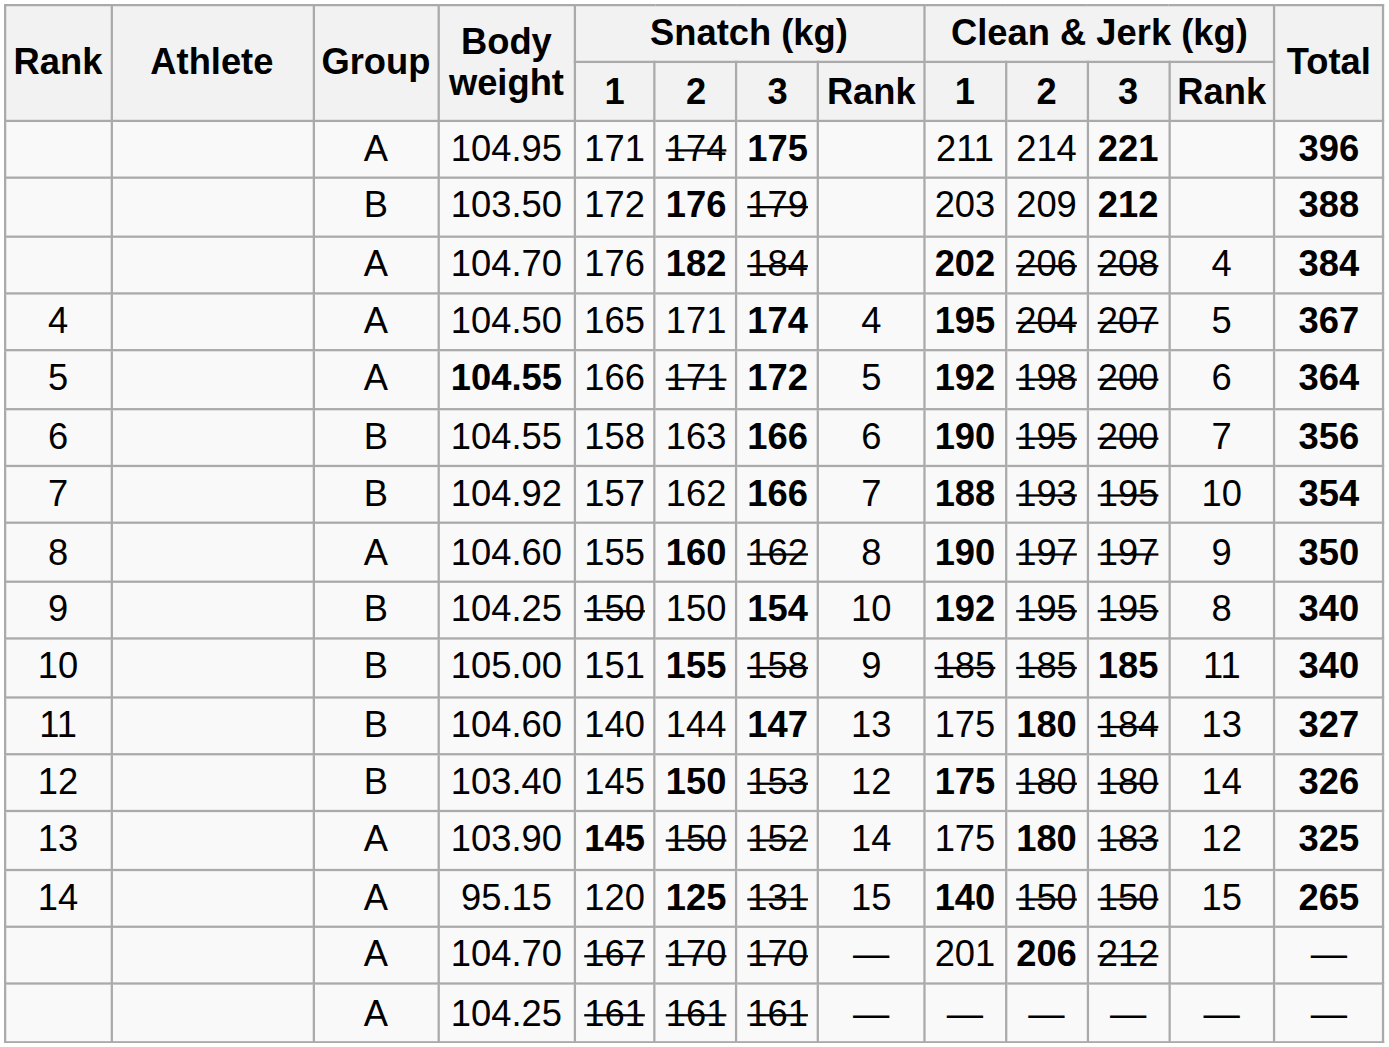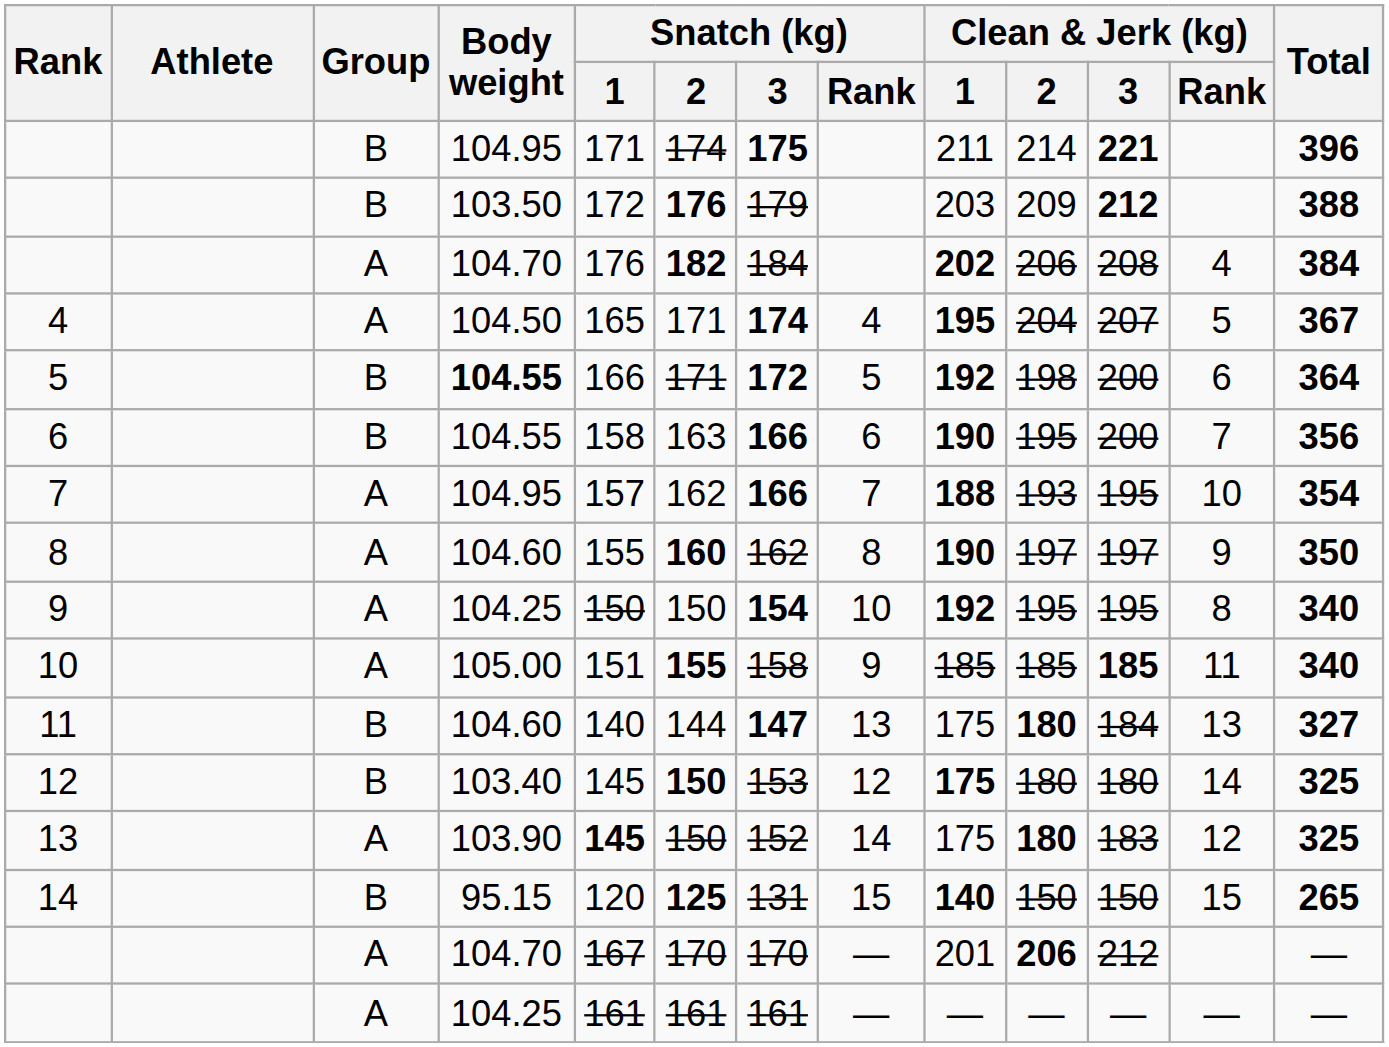 <table class = "wikitable" style="text-align:center;">
 <tr>
 <th rowspan=2 width=40>Rank</th>
 <th rowspan=2 width=250>Athlete</th>
 <th rowspan=2 width=50>Group</th>
 <th rowspan=2 width=60>Body weight</th>
 <th colspan=4>Snatch (kg)</th>
 <th colspan=4>Clean & Jerk (kg)</th>
 <th rowspan=2 width=60>Total</th>
 </tr>
 <tr>
 <th width=40>1</th>
 <th width=40>2</th>
 <th width=40>3</th>
 <th width=40>Rank</th>
 <th width=40>1</th>
 <th width=40>2</th>
 <th width=40>3</th>
 <th width=40>Rank</th>
 </tr>
 <tr>
 <td></td>
 <td align=left></td>
-<td>A</td>
+<td>B</td>
 <td>104.95</td>
 <td>171</td>
 <td><s>174</s></td>
 <td><strong>175</strong></td>
 <td></td>
 <td>211</td>
 <td>214</td>
 <td><strong>221</strong></td>
 <td></td>
 <td><strong>396</strong></td>
 </tr>
 <tr>
 <td></td>
 <td align=left></td>
 <td>B</td>
 <td>103.50</td>
 <td>172</td>
 <td><strong>176</strong></td>
 <td><s>179</s></td>
 <td></td>
 <td>203</td>
 <td>209</td>
 <td><strong>212</strong></td>
 <td></td>
 <td><strong>388</strong></td>
 </tr>
 <tr>
 <td></td>
 <td align=left></td>
 <td>A</td>
 <td>104.70</td>
 <td>176</td>
 <td><strong>182</strong></td>
 <td><s>184</s></td>
 <td></td>
 <td><strong>202</strong></td>
 <td><s>206</s></td>
 <td><s>208</s></td>
 <td>4</td>
 <td><strong>384</strong></td>
 </tr>
 <tr>
 <td>4</td>
 <td align=left></td>
 <td>A</td>
 <td>104.50</td>
 <td>165</td>
 <td>171</td>
 <td><strong>174</strong></td>
 <td>4</td>
 <td><strong>195</strong></td>
 <td><s>204</s></td>
 <td><s>207</s></td>
 <td>5</td>
 <td><strong>367</strong></td>
 </tr>
 <tr>
 <td>5</td>
 <td align=left></td>
-<td>A</td>
+<td>B</td>
 <td><strong>104.55</strong></td>
 <td>166</td>
 <td><s>171</s></td>
 <td><strong>172</strong></td>
 <td>5</td>
 <td><strong>192</strong></td>
 <td><s>198</s></td>
 <td><s>200</s></td>
 <td>6</td>
 <td><strong>364</strong></td>
 </tr>
 <tr>
 <td>6</td>
 <td align=left></td>
 <td>B</td>
 <td>104.55</td>
 <td>158</td>
 <td>163</td>
 <td><strong>166</strong></td>
 <td>6</td>
 <td><strong>190</strong></td>
 <td><s>195</s></td>
 <td><s>200</s></td>
 <td>7</td>
 <td><strong>356</strong></td>
 </tr>
 <tr>
 <td>7</td>
 <td align=left></td>
-<td>B</td>
-<td>104.92</td>
+<td>A</td>
+<td>104.95</td>
 <td>157</td>
 <td>162</td>
 <td><strong>166</strong></td>
 <td>7</td>
 <td><strong>188</strong></td>
 <td><s>193</s></td>
 <td><s>195</s></td>
 <td>10</td>
 <td><strong>354</strong></td>
 </tr>
 <tr>
 <td>8</td>
 <td align=left></td>
 <td>A</td>
 <td>104.60</td>
 <td>155</td>
 <td><strong>160</strong></td>
 <td><s>162</s></td>
 <td>8</td>
 <td><strong>190</strong></td>
 <td><s>197</s></td>
 <td><s>197</s></td>
 <td>9</td>
 <td><strong>350</strong></td>
 </tr>
 <tr>
 <td>9</td>
 <td align=left></td>
-<td>B</td>
+<td>A</td>
 <td>104.25</td>
 <td><s>150</s></td>
 <td>150</td>
 <td><strong>154</strong></td>
 <td>10</td>
 <td><strong>192</strong></td>
 <td><s>195</s></td>
 <td><s>195</s></td>
 <td>8</td>
 <td><strong>340</strong></td>
 </tr>
 <tr>
 <td>10</td>
 <td align=left></td>
-<td>B</td>
+<td>A</td>
 <td>105.00</td>
 <td>151</td>
 <td><strong>155</strong></td>
 <td><s>158</s></td>
 <td>9</td>
 <td><s>185</s></td>
 <td><s>185</s></td>
 <td><strong>185</strong></td>
 <td>11</td>
 <td><strong>340</strong></td>
 </tr>
 <tr>
 <td>11</td>
 <td align=left></td>
 <td>B</td>
 <td>104.60</td>
 <td>140</td>
 <td>144</td>
 <td><strong>147</strong></td>
 <td>13</td>
 <td>175</td>
 <td><strong>180</strong></td>
 <td><s>184</s></td>
 <td>13</td>
 <td><strong>327</strong></td>
 </tr>
 <tr>
 <td>12</td>
 <td align=left></td>
 <td>B</td>
 <td>103.40</td>
 <td>145</td>
 <td><strong>150</strong></td>
 <td><s>153</s></td>
 <td>12</td>
 <td><strong>175</strong></td>
 <td><s>180</s></td>
 <td><s>180</s></td>
 <td>14</td>
-<td><strong>326</strong></td>
+<td><strong>325</strong></td>
 </tr>
 <tr>
 <td>13</td>
 <td align=left></td>
 <td>A</td>
 <td>103.90</td>
 <td><strong>145</strong></td>
 <td><s>150</s></td>
 <td><s>152</s></td>
 <td>14</td>
 <td>175</td>
 <td><strong>180</strong></td>
 <td><s>183</s></td>
 <td>12</td>
 <td><strong>325</strong></td>
 </tr>
 <tr>
 <td>14</td>
 <td align=left></td>
-<td>A</td>
+<td>B</td>
 <td>95.15</td>
 <td>120</td>
 <td><strong>125</strong></td>
 <td><s>131</s></td>
 <td>15</td>
 <td><strong>140</strong></td>
 <td><s>150</s></td>
 <td><s>150</s></td>
 <td>15</td>
 <td><strong>265</strong></td>
 </tr>
 <tr>
 <td></td>
 <td align=left></td>
 <td>A</td>
 <td>104.70</td>
 <td><s>167</s></td>
 <td><s>170</s></td>
 <td><s>170</s></td>
 <td>—</td>
 <td>201</td>
 <td><strong>206</strong></td>
 <td><s>212</s></td>
 <td></td>
 <td>—</td>
 </tr>
 <tr>
 <td></td>
 <td align=left></td>
 <td>A</td>
 <td>104.25</td>
 <td><s>161</s></td>
 <td><s>161</s></td>
 <td><s>161</s></td>
 <td>—</td>
 <td>—</td>
 <td>—</td>
 <td>—</td>
 <td>—</td>
 <td>—</td>
 </tr>
 <tr>
 </tr>
 </table>
